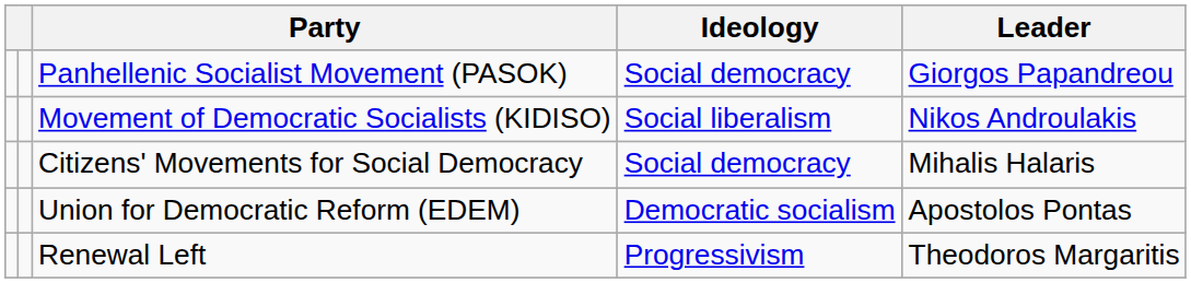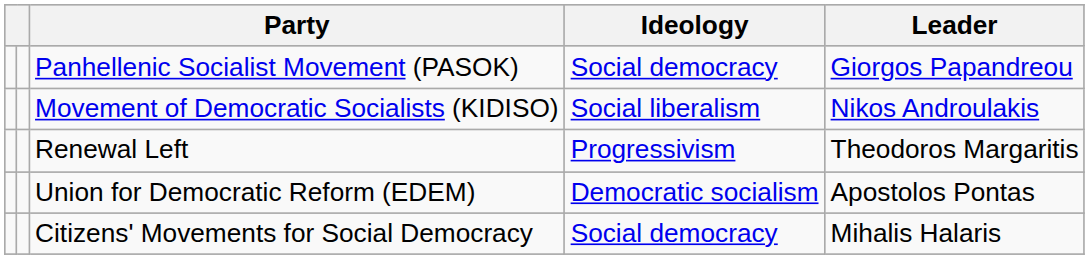 <table class="wikitable" style="text-align:left">
 <tr>
 <th colspan="2"></th>
 <th>Party</th>
 <th>Ideology</th>
 <th>Leader</th>
 </tr>
 <tr>
 <td></td>
 <td></td>
 <td><a href='#'>Panhellenic Socialist Movement</a> (PASOK)</td>
 <td><a href='#'>Social democracy</a></td>
 <td><a href='#'>Giorgos Papandreou</a></td>
 </tr>
 <tr>
 <td></td>
 <td></td>
 <td><a href='#'>Movement of Democratic Socialists</a> (KIDISO)</td>
 <td><a href='#'>Social liberalism</a></td>
 <td><a href='#'>Nikos Androulakis</a></td>
 </tr>
 <tr>
 <td></td>
 <td></td>
-<td>Citizens' Movements for Social Democracy</td>
-<td><a href='#'>Social democracy</a></td>
-<td>Mihalis Halaris</td>
+<td>Renewal Left</td>
+<td><a href='#'>Progressivism</a></td>
+<td>Theodoros Margaritis</td>
 </tr>
 <tr>
 <td></td>
 <td></td>
 <td>Union for Democratic Reform (EDEM)</td>
 <td><a href='#'>Democratic socialism</a></td>
 <td>Apostolos Pontas</td>
 </tr>
 <tr>
 <td></td>
 <td></td>
-<td>Renewal Left</td>
-<td><a href='#'>Progressivism</a></td>
-<td>Theodoros Margaritis</td>
+<td>Citizens' Movements for Social Democracy</td>
+<td><a href='#'>Social democracy</a></td>
+<td>Mihalis Halaris</td>
 </tr>
 </table>
